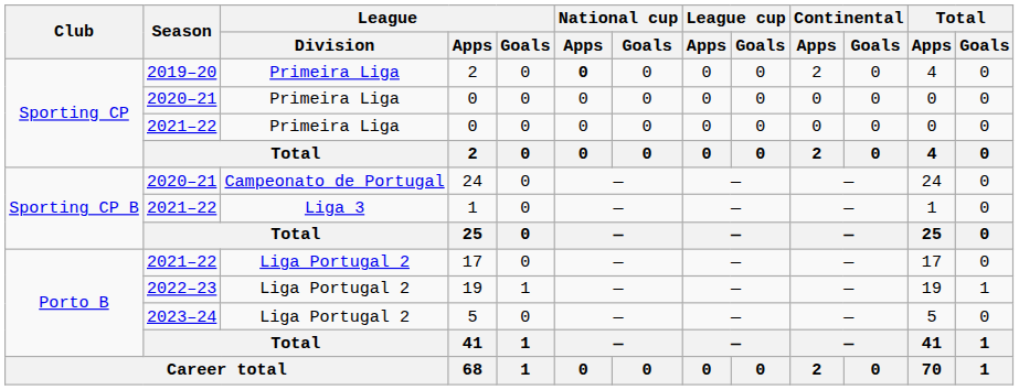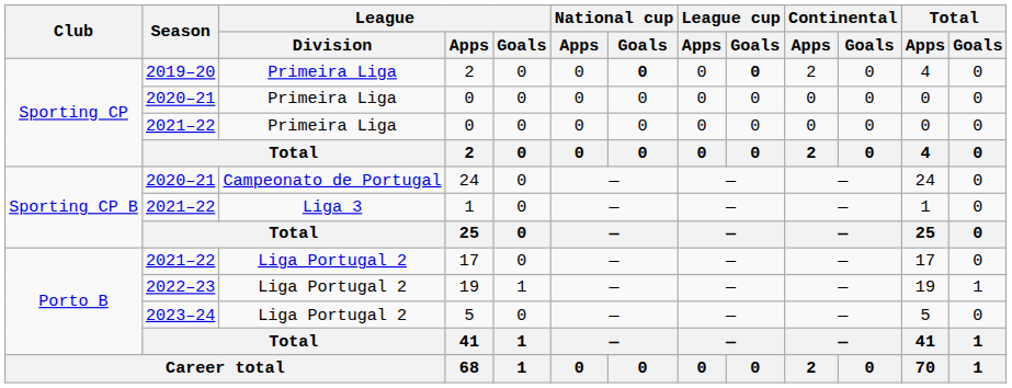 <table class="wikitable" style="text-align: center">
 <tr>
 <th rowspan="2">Club</th>
 <th rowspan="2">Season</th>
 <th colspan="3">League</th>
 <th colspan="2">National cup</th>
 <th colspan="2">League cup</th>
 <th colspan="2">Continental</th>
 <th colspan="2">Total</th>
 </tr>
 <tr>
 <th>Division</th>
 <th>Apps</th>
 <th>Goals</th>
 <th>Apps</th>
 <th>Goals</th>
 <th>Apps</th>
 <th>Goals</th>
 <th>Apps</th>
 <th>Goals</th>
 <th>Apps</th>
 <th>Goals</th>
 </tr>
 <tr>
 <td rowspan="4"><a href='#'>Sporting CP</a></td>
 <td><a href='#'>2019–20</a></td>
 <td><a href='#'>Primeira Liga</a></td>
 <td>2</td>
 <td>0</td>
+<td>0</td>
 <td><strong>0</strong></td>
 <td>0</td>
-<td>0</td>
-<td>0</td>
+<td><strong>0</strong></td>
 <td>2</td>
 <td>0</td>
 <td>4</td>
 <td>0</td>
 </tr>
 <tr>
 <td><a href='#'>2020–21</a></td>
 <td>Primeira Liga</td>
 <td>0</td>
 <td>0</td>
 <td>0</td>
 <td>0</td>
 <td>0</td>
 <td>0</td>
 <td>0</td>
 <td>0</td>
 <td>0</td>
 <td>0</td>
 </tr>
 <tr>
 <td><a href='#'>2021–22</a></td>
 <td>Primeira Liga</td>
 <td>0</td>
 <td>0</td>
 <td>0</td>
 <td>0</td>
 <td>0</td>
 <td>0</td>
 <td>0</td>
 <td>0</td>
 <td>0</td>
 <td>0</td>
 </tr>
 <tr>
 <th colspan="2">Total</th>
 <th>2</th>
 <th>0</th>
 <th>0</th>
 <th>0</th>
 <th>0</th>
 <th>0</th>
 <th>2</th>
 <th>0</th>
 <th>4</th>
 <th>0</th>
 </tr>
 <tr>
 <td rowspan="3"><a href='#'>Sporting CP B</a></td>
 <td><a href='#'>2020–21</a></td>
 <td><a href='#'>Campeonato de Portugal</a></td>
 <td>24</td>
 <td>0</td>
 <td colspan="2">—</td>
 <td colspan="2">—</td>
 <td colspan="2">—</td>
 <td>24</td>
 <td>0</td>
 </tr>
 <tr>
 <td><a href='#'>2021–22</a></td>
 <td><a href='#'>Liga 3</a></td>
 <td>1</td>
 <td>0</td>
 <td colspan="2">—</td>
 <td colspan="2">—</td>
 <td colspan="2">—</td>
 <td>1</td>
 <td>0</td>
 </tr>
 <tr>
 <th colspan="2">Total</th>
 <th>25</th>
 <th>0</th>
 <th colspan="2">—</th>
 <th colspan="2">—</th>
 <th colspan="2">—</th>
 <th>25</th>
 <th>0</th>
 </tr>
 <tr>
 <td rowspan="4"><a href='#'>Porto B</a></td>
 <td><a href='#'>2021–22</a></td>
 <td><a href='#'>Liga Portugal 2</a></td>
 <td>17</td>
 <td>0</td>
 <td colspan="2">—</td>
 <td colspan="2">—</td>
 <td colspan="2">—</td>
 <td>17</td>
 <td>0</td>
 </tr>
 <tr>
 <td><a href='#'>2022–23</a></td>
 <td>Liga Portugal 2</td>
 <td>19</td>
 <td>1</td>
 <td colspan="2">—</td>
 <td colspan="2">—</td>
 <td colspan="2">—</td>
 <td>19</td>
 <td>1</td>
 </tr>
 <tr>
 <td><a href='#'>2023–24</a></td>
 <td>Liga Portugal 2</td>
 <td>5</td>
 <td>0</td>
 <td colspan="2">—</td>
 <td colspan="2">—</td>
 <td colspan="2">—</td>
 <td>5</td>
 <td>0</td>
 </tr>
 <tr>
 <th colspan="2">Total</th>
 <th>41</th>
 <th>1</th>
 <th colspan="2">—</th>
 <th colspan="2">—</th>
 <th colspan="2">—</th>
 <th>41</th>
 <th>1</th>
 </tr>
 <tr>
 <th colspan="3">Career total</th>
 <th>68</th>
 <th>1</th>
 <th>0</th>
 <th>0</th>
 <th>0</th>
 <th>0</th>
 <th>2</th>
 <th>0</th>
 <th>70</th>
 <th>1</th>
 </tr>
 </table>
